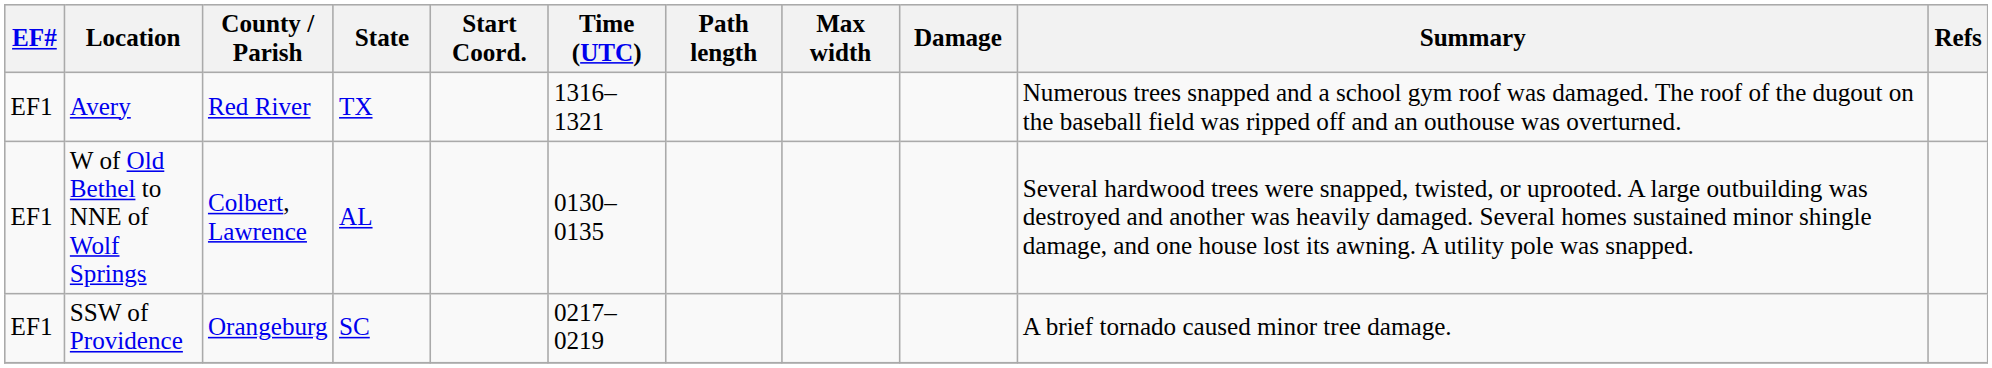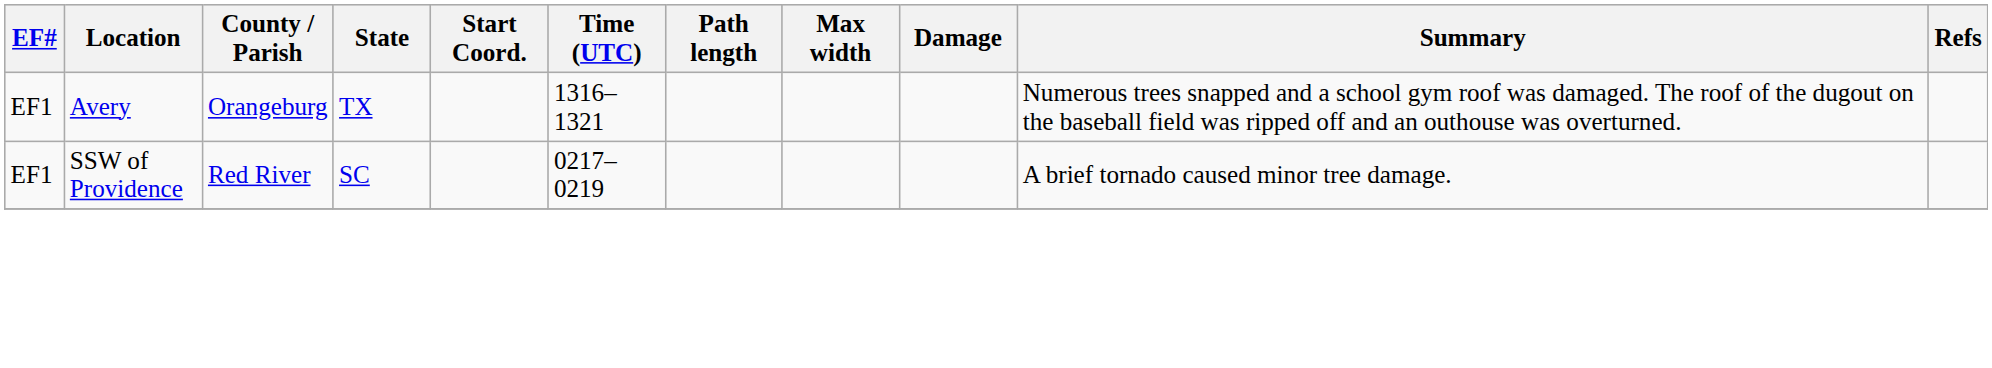 <table class="wikitable sortable" style="width:100%;">
 <tr>
 <th scope="col" width="3%" align="center"><a href='#'>EF#</a></th>
 <th scope="col" width="7%" align="center" class="unsortable">Location</th>
 <th scope="col" width="6%" align="center" class="unsortable">County / Parish</th>
 <th scope="col" width="5%" align="center">State</th>
 <th scope="col" width="6%" align="center">Start Coord.</th>
 <th scope="col" width="6%" align="center">Time (<a href='#'>UTC</a>)</th>
 <th scope="col" width="6%" align="center">Path length</th>
 <th scope="col" width="6%" align="center">Max width</th>
 <th scope="col" width="6%" align="center">Damage</th>
 <th scope="col" width="48%" class="unsortable" align="center">Summary</th>
 <th scope="col" width="48%" class="unsortable" align="center">Refs</th>
 </tr>
 <tr>
 <td>EF1</td>
 <td><a href='#'>Avery</a></td>
-<td><a href='#'>Red River</a></td>
+<td><a href='#'>Orangeburg</a></td>
 <td><a href='#'>TX</a></td>
 <td></td>
 <td>1316–1321</td>
 <td></td>
 <td></td>
 <td></td>
 <td>Numerous trees snapped and a school gym roof was damaged. The roof of the dugout on the baseball field was ripped off and an outhouse was overturned.</td>
 <td></td>
 </tr>
 <tr>
 <td>EF1</td>
-<td>W of <a href='#'>Old Bethel</a> to NNE of <a href='#'>Wolf Springs</a></td>
-<td><a href='#'>Colbert</a>, <a href='#'>Lawrence</a></td>
-<td><a href='#'>AL</a></td>
-<td></td>
-<td>0130–0135</td>
-<td></td>
-<td></td>
-<td></td>
-<td>Several hardwood trees were snapped, twisted, or uprooted. A large outbuilding was destroyed and another was heavily damaged. Several homes sustained minor shingle damage, and one house lost its awning. A utility pole was snapped.</td>
-<td></td>
-</tr>
-<tr>
-<td>EF1</td>
 <td>SSW of <a href='#'>Providence</a></td>
-<td><a href='#'>Orangeburg</a></td>
+<td><a href='#'>Red River</a></td>
 <td><a href='#'>SC</a></td>
 <td></td>
 <td>0217–0219</td>
 <td></td>
 <td></td>
 <td></td>
 <td>A brief tornado caused minor tree damage.</td>
 <td></td>
 </tr>
 <tr>
 </tr>
 </table>
